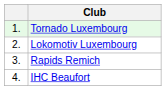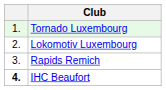 <table class="wikitable">
 <tr>
 <th width="30"></th>
 <th width="200">Club</th>
 </tr>
 <tr bgcolor="#e6fae6" align="center">
 <td>1.</td>
 <td align="left"><a href='#'>Tornado Luxembourg</a></td>
 </tr>
 <tr bgcolor="#FFFFFF" align="center">
 <td>2.</td>
 <td align="left"><a href='#'>Lokomotiv Luxembourg</a></td>
 </tr>
 <tr bgcolor="#FFFFFF" align="center">
 <td>3.</td>
 <td align="left"><a href='#'>Rapids Remich</a></td>
 </tr>
 <tr bgcolor="#FFFFFF" align="center">
-<td>4.</td>
+<td><strong>4.</strong></td>
 <td align="left"><a href='#'>IHC Beaufort</a></td>
 </tr>
 </table>
